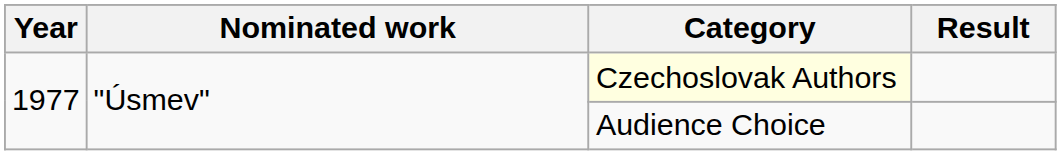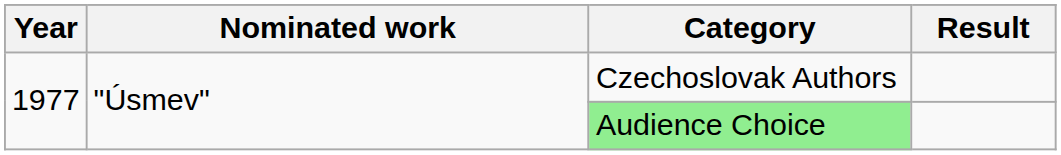 <table class="wikitable">
 <tr>
 <th width="32">Year</th>
 <th width="257">Nominated work</th>
 <th width="162">Category</th>
 <th width="69">Result</th>
 </tr>
 <tr>
 <td rowspan="2">1977</td>
 <td rowspan="2">"Úsmev"</td>
-<td style="background: lightyellow;">Czechoslovak Authors</td>
+<td>Czechoslovak Authors</td>
 <td></td>
 </tr>
 <tr>
-<td>Audience Choice</td>
+<td style="background: lightgreen;">Audience Choice</td>
 <td></td>
 </tr>
 </table>
